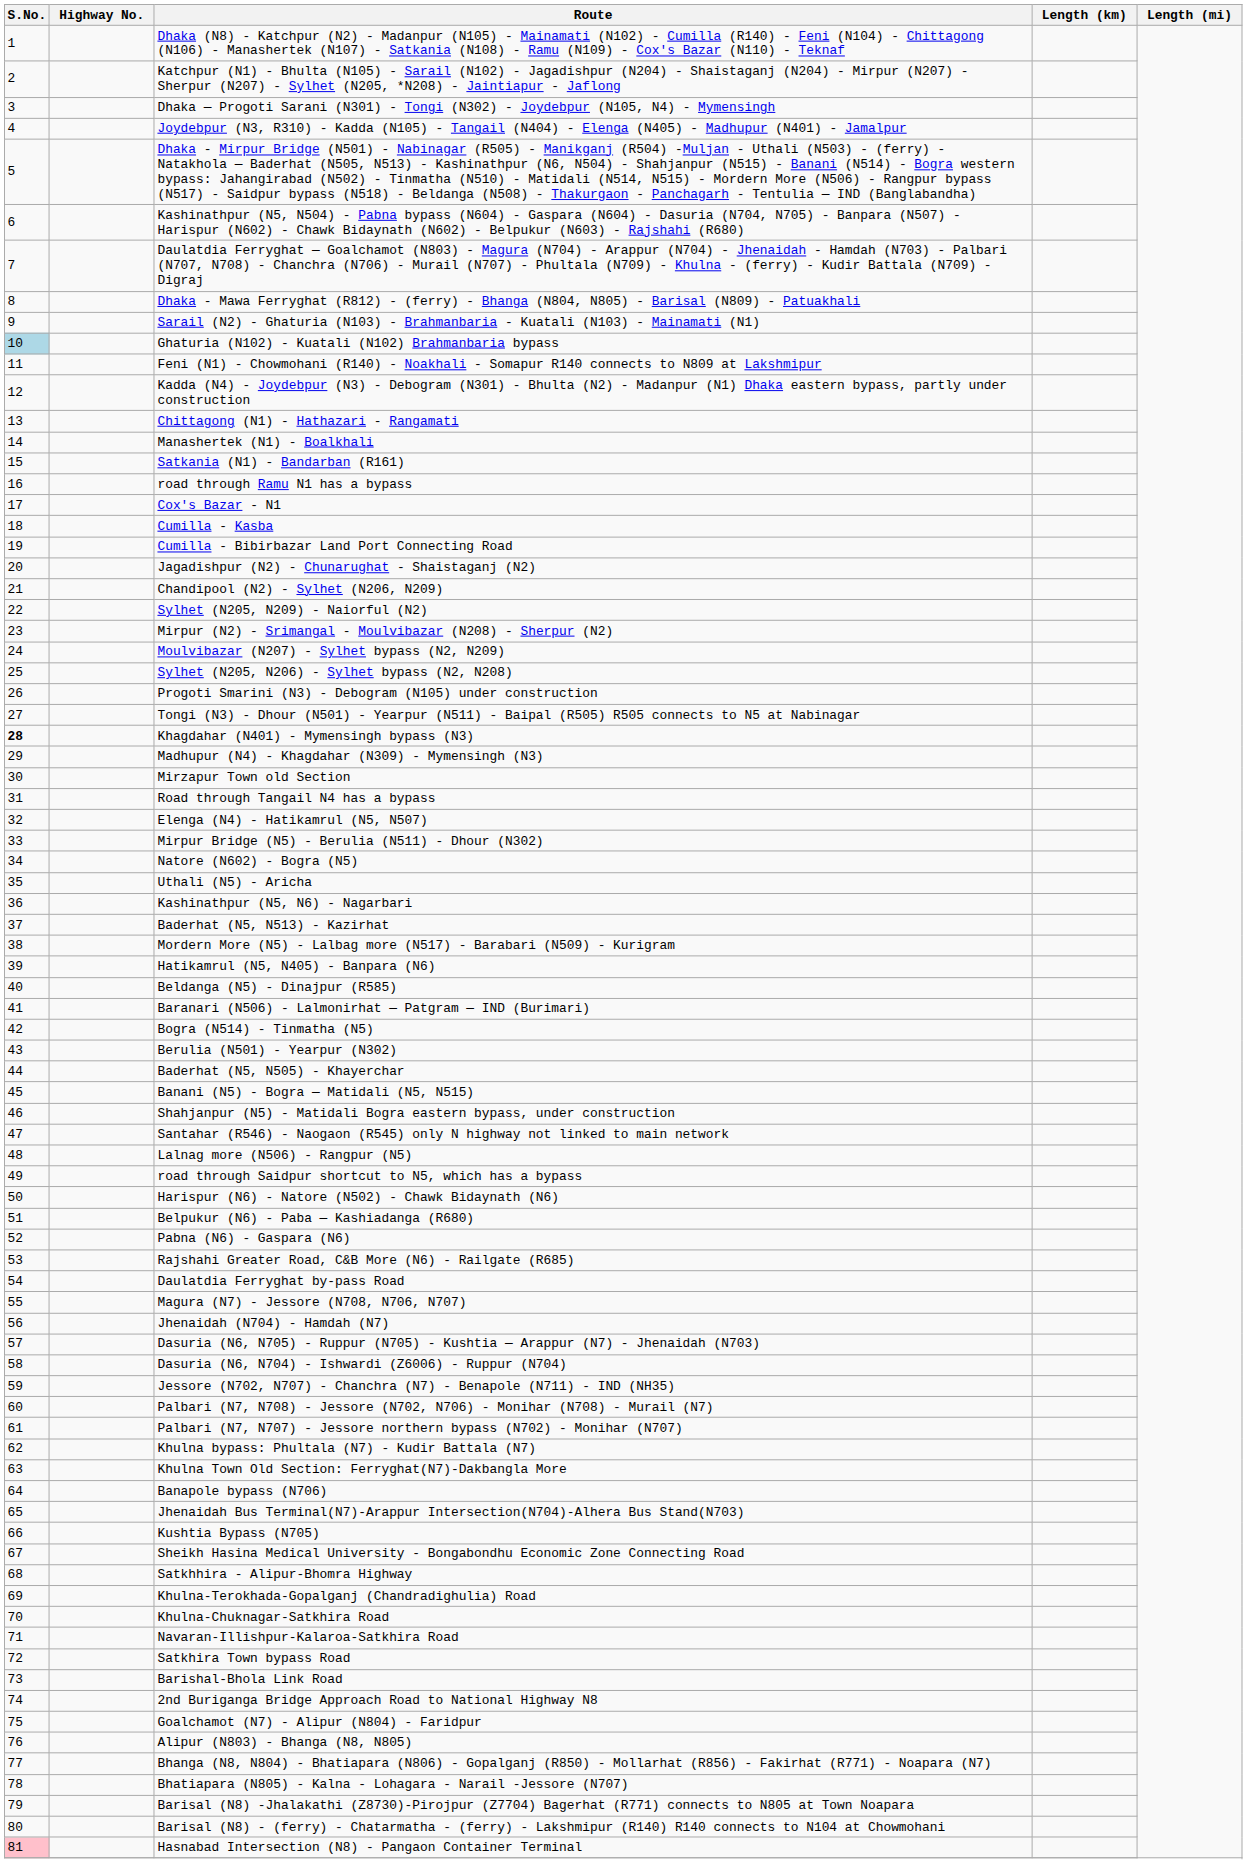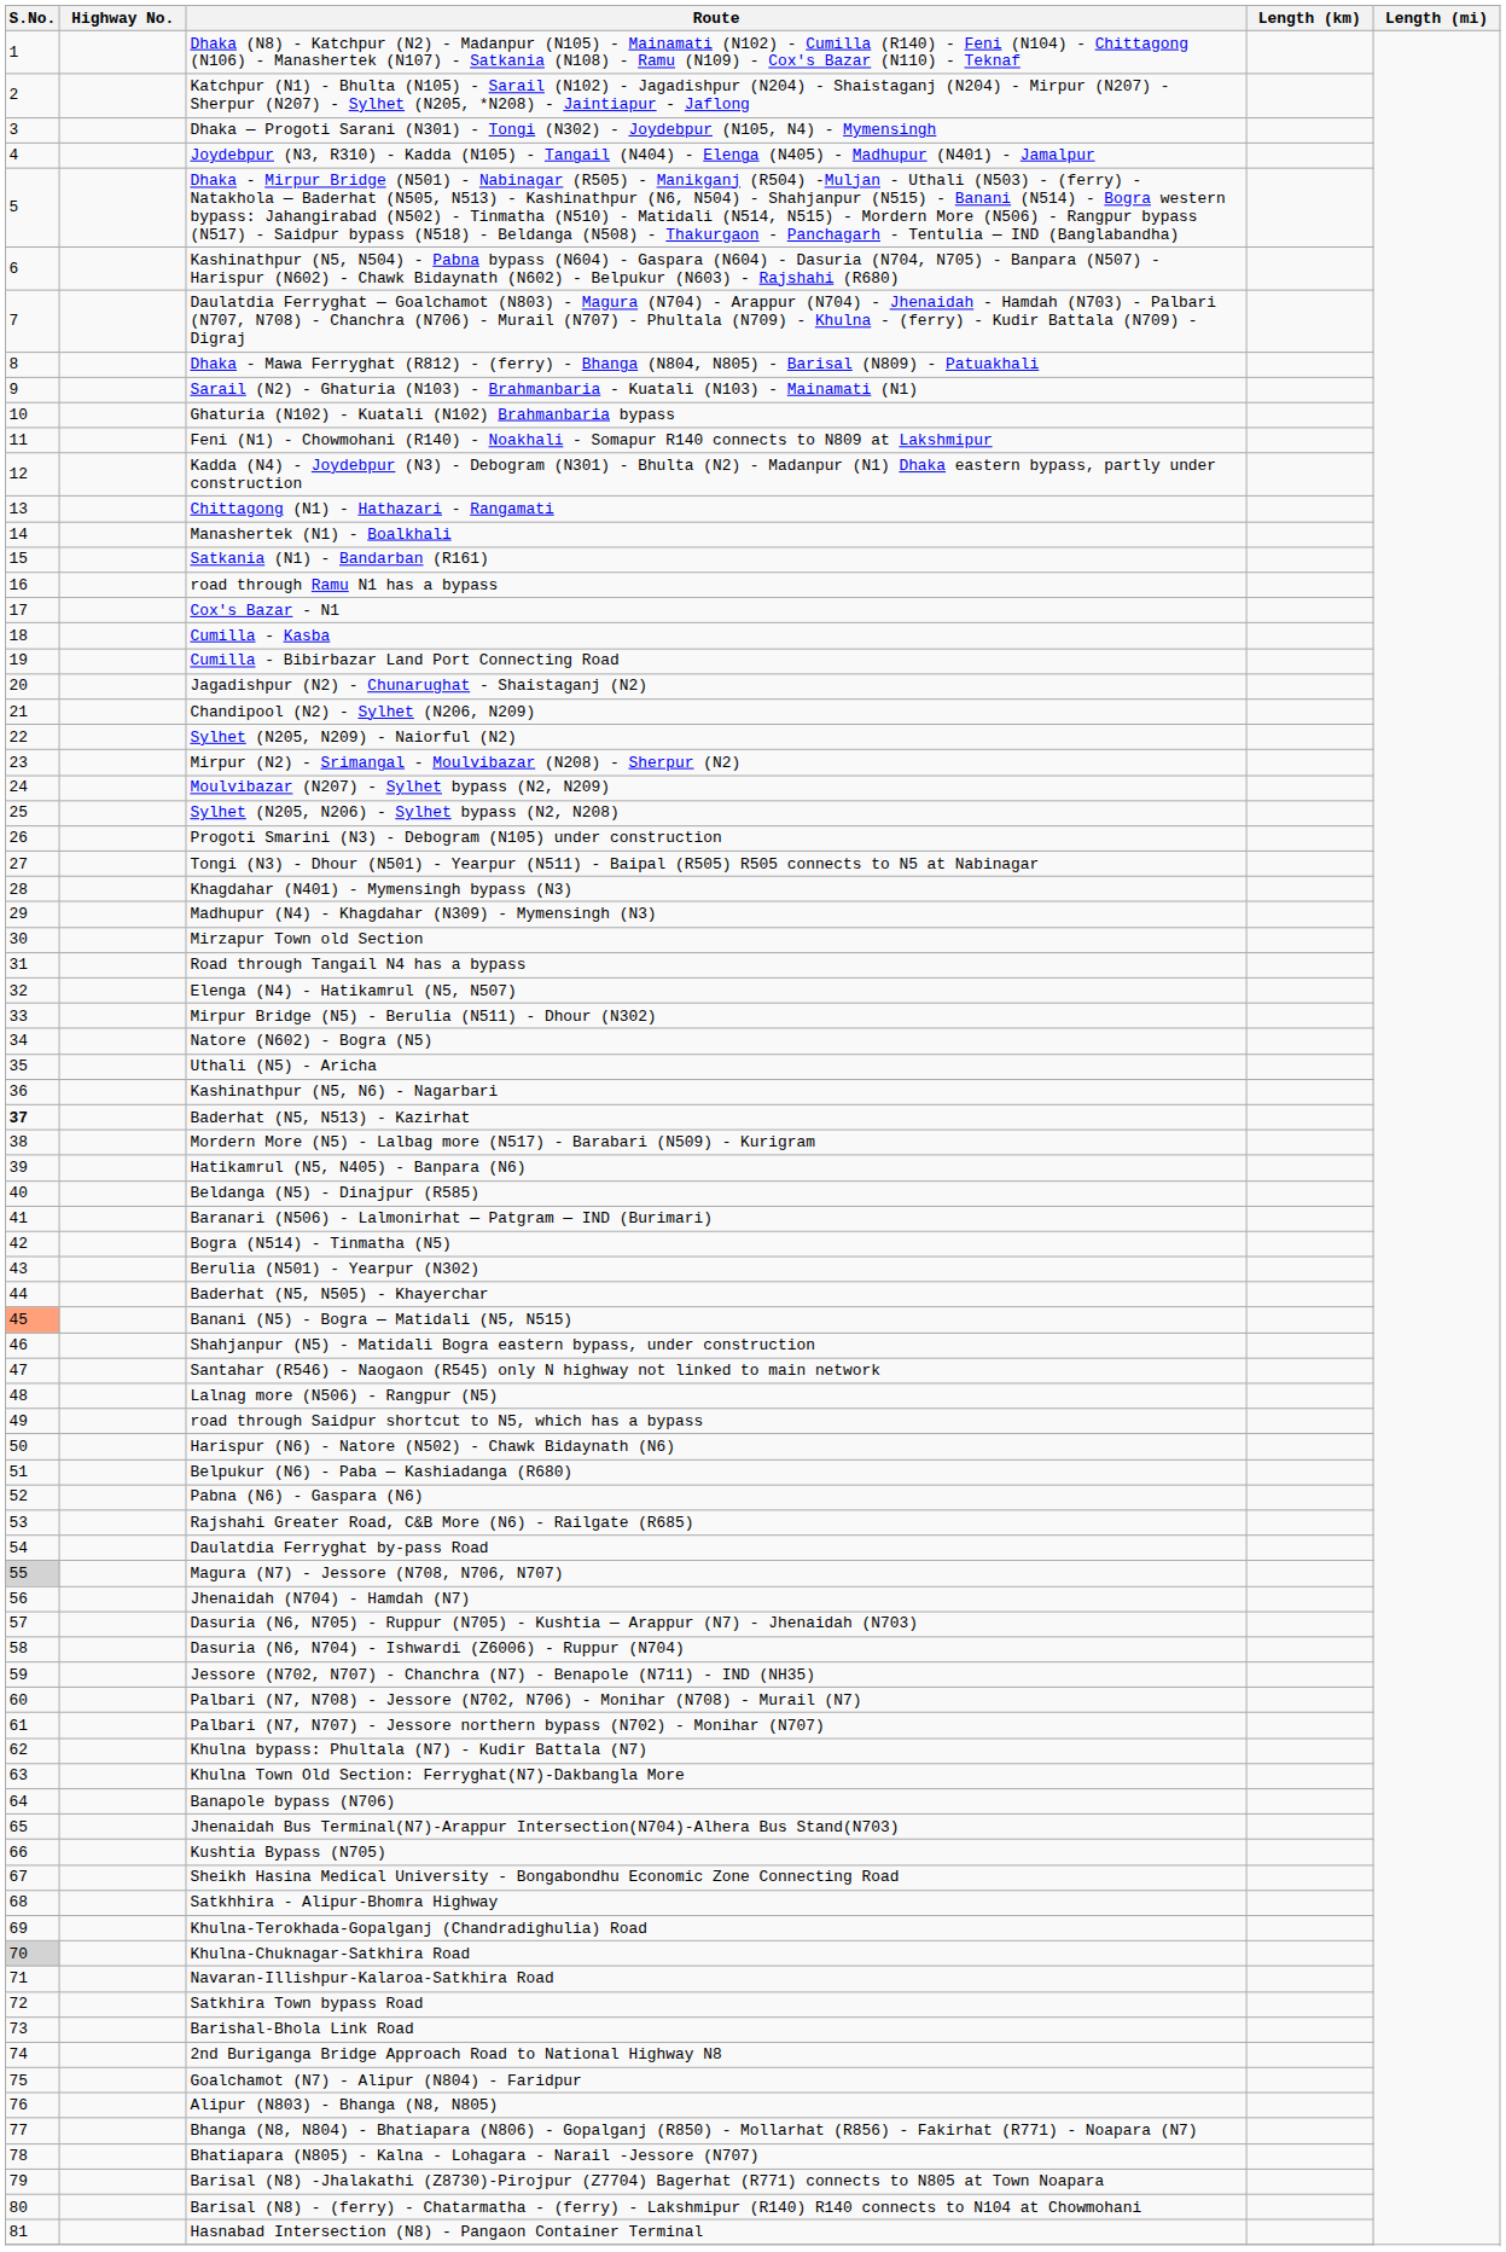 <table class="wikitable sortable">
 <tr>
 <th>S.No.</th>
 <th width=100px>Highway No.</th>
 <th>Route</th>
 <th width=100px>Length (km)</th>
 <th width=100px>Length (mi)</th>
 </tr>
 <tr>
 <td>1</td>
 <td></td>
 <td><a href='#'>Dhaka</a> (N8) - Katchpur (N2) - Madanpur (N105) - <a href='#'>Mainamati</a> (N102) - <a href='#'>Cumilla</a> (R140) - <a href='#'>Feni</a> (N104) - <a href='#'>Chittagong</a> (N106) - Manashertek (N107) - <a href='#'>Satkania</a> (N108) - <a href='#'>Ramu</a> (N109) - <a href='#'>Cox's Bazar</a> (N110) - <a href='#'>Teknaf</a></td>
 <td></td>
 </tr>
 <tr>
 <td>2</td>
 <td></td>
 <td>Katchpur (N1) - Bhulta (N105) - <a href='#'>Sarail</a> (N102) - Jagadishpur (N204) - Shaistaganj (N204) - Mirpur (N207) - Sherpur (N207) - <a href='#'>Sylhet</a> (N205, *N208) - <a href='#'>Jaintiapur</a> - <a href='#'>Jaflong</a></td>
 <td></td>
 </tr>
 <tr>
 <td>3</td>
 <td></td>
 <td>Dhaka — Progoti Sarani (N301) - <a href='#'>Tongi</a> (N302) - <a href='#'>Joydebpur</a> (N105, N4) - <a href='#'>Mymensingh</a></td>
 <td></td>
 </tr>
 <tr>
 <td>4</td>
 <td></td>
 <td><a href='#'>Joydebpur</a> (N3, R310) - Kadda (N105) - <a href='#'>Tangail</a> (N404) - <a href='#'>Elenga</a> (N405) - <a href='#'>Madhupur</a> (N401) - <a href='#'>Jamalpur</a></td>
 <td></td>
 </tr>
 <tr>
 <td>5</td>
 <td></td>
 <td><a href='#'>Dhaka</a> - <a href='#'>Mirpur Bridge</a> (N501) - <a href='#'>Nabinagar</a> (R505) - <a href='#'>Manikganj</a> (R504) -<a href='#'>Muljan</a> - Uthali (N503) - (ferry) - Natakhola — Baderhat (N505, N513) - Kashinathpur (N6, N504) - Shahjanpur (N515) - <a href='#'>Banani</a> (N514) - <a href='#'>Bogra</a> western bypass: Jahangirabad (N502) - Tinmatha (N510) - Matidali (N514, N515) - Mordern More (N506) - Rangpur bypass (N517) - Saidpur bypass (N518) - Beldanga (N508) - <a href='#'>Thakurgaon</a> - <a href='#'>Panchagarh</a> - Tentulia — IND (Banglabandha)</td>
 <td></td>
 </tr>
 <tr>
 <td>6</td>
 <td></td>
 <td>Kashinathpur (N5, N504) - <a href='#'>Pabna</a> bypass (N604) - Gaspara (N604) - Dasuria (N704, N705) - Banpara (N507) - Harispur (N602) - Chawk Bidaynath (N602) - Belpukur (N603) - <a href='#'>Rajshahi</a> (R680)</td>
 <td></td>
 </tr>
 <tr>
 <td>7</td>
 <td></td>
 <td>Daulatdia Ferryghat — Goalchamot (N803) - <a href='#'>Magura</a> (N704) - Arappur (N704) - <a href='#'>Jhenaidah</a> - Hamdah (N703) - Palbari (N707, N708) - Chanchra (N706) - Murail (N707) - Phultala (N709) - <a href='#'>Khulna</a> - (ferry) - Kudir Battala (N709) - Digraj</td>
 <td></td>
 </tr>
 <tr>
 <td>8</td>
 <td></td>
 <td><a href='#'>Dhaka</a> - Mawa Ferryghat (R812) - (ferry) - <a href='#'>Bhanga</a> (N804, N805) - <a href='#'>Barisal</a> (N809) - <a href='#'>Patuakhali</a></td>
 <td></td>
 </tr>
 <tr>
 <td>9</td>
 <td></td>
 <td><a href='#'>Sarail</a> (N2) - Ghaturia (N103) - <a href='#'>Brahmanbaria</a> - Kuatali (N103) - <a href='#'>Mainamati</a> (N1)</td>
 <td></td>
 </tr>
 <tr>
-<td style="background: lightblue;">10</td>
+<td>10</td>
 <td></td>
 <td>Ghaturia (N102) - Kuatali (N102) <a href='#'>Brahmanbaria</a> bypass</td>
 <td></td>
 </tr>
 <tr>
 <td>11</td>
 <td></td>
 <td>Feni (N1) - Chowmohani (R140) - <a href='#'>Noakhali</a> - Somapur R140 connects to N809 at <a href='#'>Lakshmipur</a></td>
 <td></td>
 </tr>
 <tr>
 <td>12</td>
 <td></td>
 <td>Kadda (N4) - <a href='#'>Joydebpur</a> (N3) - Debogram (N301) - Bhulta (N2) - Madanpur (N1) <a href='#'>Dhaka</a> eastern bypass, partly under construction</td>
 <td></td>
 </tr>
 <tr>
 <td>13</td>
 <td></td>
 <td><a href='#'>Chittagong</a> (N1) - <a href='#'>Hathazari</a> - <a href='#'>Rangamati</a></td>
 <td></td>
 </tr>
 <tr>
 <td>14</td>
 <td></td>
 <td>Manashertek (N1) - <a href='#'>Boalkhali</a></td>
 <td></td>
 </tr>
 <tr>
 <td>15</td>
 <td></td>
 <td><a href='#'>Satkania</a> (N1) - <a href='#'>Bandarban</a> (R161)</td>
 <td></td>
 </tr>
 <tr>
 <td>16</td>
 <td></td>
 <td>road through <a href='#'>Ramu</a> N1 has a bypass</td>
 <td></td>
 </tr>
 <tr>
 <td>17</td>
 <td></td>
 <td><a href='#'>Cox's Bazar</a> - N1</td>
 <td></td>
 </tr>
 <tr>
 <td>18</td>
 <td></td>
 <td><a href='#'>Cumilla</a> - <a href='#'>Kasba</a></td>
 <td></td>
 </tr>
 <tr>
 <td>19</td>
 <td></td>
 <td><a href='#'>Cumilla</a> - Bibirbazar Land Port Connecting Road</td>
 <td></td>
 </tr>
 <tr>
 <td>20</td>
 <td></td>
 <td>Jagadishpur (N2) - <a href='#'>Chunarughat</a> - Shaistaganj (N2)</td>
 <td></td>
 </tr>
 <tr>
 <td>21</td>
 <td></td>
 <td>Chandipool (N2) - <a href='#'>Sylhet</a> (N206, N209)</td>
 <td></td>
 </tr>
 <tr>
 <td>22</td>
 <td></td>
 <td><a href='#'>Sylhet</a> (N205, N209) - Naiorful (N2)</td>
 <td></td>
 </tr>
 <tr>
 <td>23</td>
 <td></td>
 <td>Mirpur (N2) - <a href='#'>Srimangal</a> - <a href='#'>Moulvibazar</a> (N208) - <a href='#'>Sherpur</a> (N2)</td>
 <td></td>
 </tr>
 <tr>
 <td>24</td>
 <td></td>
 <td><a href='#'>Moulvibazar</a> (N207) - <a href='#'>Sylhet</a> bypass (N2, N209)</td>
 <td></td>
 </tr>
 <tr>
 <td>25</td>
 <td></td>
 <td><a href='#'>Sylhet</a> (N205, N206) - <a href='#'>Sylhet</a> bypass (N2, N208)</td>
 <td></td>
 </tr>
 <tr>
 <td>26</td>
 <td></td>
 <td>Progoti Smarini (N3) - Debogram (N105) under construction</td>
 <td></td>
 </tr>
 <tr>
 <td>27</td>
 <td></td>
 <td>Tongi (N3) - Dhour (N501) - Yearpur (N511) - Baipal (R505) R505 connects to N5 at Nabinagar</td>
 <td></td>
 </tr>
 <tr>
-<td><strong>28</strong></td>
+<td>28</td>
 <td></td>
 <td>Khagdahar (N401) - Mymensingh bypass (N3)</td>
 <td></td>
 </tr>
 <tr>
 <td>29</td>
 <td></td>
 <td>Madhupur (N4) - Khagdahar (N309) - Mymensingh (N3)</td>
 <td></td>
 </tr>
 <tr>
 <td>30</td>
 <td></td>
 <td>Mirzapur Town old Section</td>
 <td></td>
 </tr>
 <tr>
 <td>31</td>
 <td></td>
 <td>Road through Tangail N4 has a bypass</td>
 <td></td>
 </tr>
 <tr>
 <td>32</td>
 <td></td>
 <td>Elenga (N4) - Hatikamrul (N5, N507)</td>
 <td></td>
 </tr>
 <tr>
 <td>33</td>
 <td></td>
 <td>Mirpur Bridge (N5) - Berulia (N511) - Dhour (N302)</td>
 <td></td>
 </tr>
 <tr>
 <td>34</td>
 <td></td>
 <td>Natore (N602) - Bogra (N5)</td>
 <td></td>
 </tr>
 <tr>
 <td>35</td>
 <td></td>
 <td>Uthali (N5) - Aricha</td>
 <td></td>
 </tr>
 <tr>
 <td>36</td>
 <td></td>
 <td>Kashinathpur (N5, N6) - Nagarbari</td>
 <td></td>
 </tr>
 <tr>
-<td>37</td>
+<td><strong>37</strong></td>
 <td></td>
 <td>Baderhat (N5, N513) - Kazirhat</td>
 <td></td>
 </tr>
 <tr>
 <td>38</td>
 <td></td>
 <td>Mordern More (N5) - Lalbag more (N517) - Barabari (N509) - Kurigram</td>
 <td></td>
 </tr>
 <tr>
 <td>39</td>
 <td></td>
 <td>Hatikamrul (N5, N405) - Banpara (N6)</td>
 <td></td>
 </tr>
 <tr>
 <td>40</td>
 <td></td>
 <td>Beldanga (N5) - Dinajpur (R585)</td>
 <td></td>
 </tr>
 <tr>
 <td>41</td>
 <td></td>
 <td>Baranari (N506) - Lalmonirhat — Patgram — IND (Burimari)</td>
 <td></td>
 </tr>
 <tr>
 <td>42</td>
 <td></td>
 <td>Bogra (N514) - Tinmatha (N5)</td>
 <td></td>
 </tr>
 <tr>
 <td>43</td>
 <td></td>
 <td>Berulia (N501) - Yearpur (N302)</td>
 <td></td>
 </tr>
 <tr>
 <td>44</td>
 <td></td>
 <td>Baderhat (N5, N505) - Khayerchar</td>
 <td></td>
 </tr>
 <tr>
-<td>45</td>
+<td style="background: lightsalmon;">45</td>
 <td></td>
 <td>Banani (N5) - Bogra — Matidali (N5, N515)</td>
 <td></td>
 </tr>
 <tr>
 <td>46</td>
 <td></td>
 <td>Shahjanpur (N5) - Matidali Bogra eastern bypass, under construction</td>
 <td></td>
 </tr>
 <tr>
 <td>47</td>
 <td></td>
 <td>Santahar (R546) - Naogaon (R545) only N highway not linked to main network</td>
 <td></td>
 </tr>
 <tr>
 <td>48</td>
 <td></td>
 <td>Lalnag more (N506) - Rangpur (N5)</td>
 <td></td>
 </tr>
 <tr>
 <td>49</td>
 <td></td>
 <td>road through Saidpur shortcut to N5, which has a bypass</td>
 <td></td>
 </tr>
 <tr>
 <td>50</td>
 <td></td>
 <td>Harispur (N6) - Natore (N502) - Chawk Bidaynath (N6)</td>
 <td></td>
 </tr>
 <tr>
 <td>51</td>
 <td></td>
 <td>Belpukur (N6) - Paba — Kashiadanga (R680)</td>
 <td></td>
 </tr>
 <tr>
 <td>52</td>
 <td></td>
 <td>Pabna (N6) - Gaspara (N6)</td>
 <td></td>
 </tr>
 <tr>
 <td>53</td>
 <td></td>
 <td>Rajshahi Greater Road, C&B More (N6) - Railgate (R685)</td>
 <td></td>
 </tr>
 <tr>
 <td>54</td>
 <td></td>
 <td>Daulatdia Ferryghat by-pass Road</td>
 <td></td>
 </tr>
 <tr>
-<td>55</td>
+<td style="background: lightgrey;">55</td>
 <td></td>
 <td>Magura (N7) - Jessore (N708, N706, N707)</td>
 <td></td>
 </tr>
 <tr>
 <td>56</td>
 <td></td>
 <td>Jhenaidah (N704) - Hamdah (N7)</td>
 <td></td>
 </tr>
 <tr>
 <td>57</td>
 <td></td>
 <td>Dasuria (N6, N705) - Ruppur (N705) - Kushtia — Arappur (N7) - Jhenaidah (N703)</td>
 <td></td>
 </tr>
 <tr>
 <td>58</td>
 <td></td>
 <td>Dasuria (N6, N704) - Ishwardi (Z6006) - Ruppur (N704)</td>
 <td></td>
 </tr>
 <tr>
 <td>59</td>
 <td></td>
 <td>Jessore (N702, N707) - Chanchra (N7) - Benapole (N711) - IND (NH35)</td>
 <td></td>
 </tr>
 <tr>
 <td>60</td>
 <td></td>
 <td>Palbari (N7, N708) - Jessore (N702, N706) - Monihar (N708) - Murail (N7)</td>
 <td></td>
 </tr>
 <tr>
 <td>61</td>
 <td></td>
 <td>Palbari (N7, N707) - Jessore northern bypass (N702) - Monihar (N707)</td>
 <td></td>
 </tr>
 <tr>
 <td>62</td>
 <td></td>
 <td>Khulna bypass: Phultala (N7) - Kudir Battala (N7)</td>
 <td></td>
 </tr>
 <tr>
 <td>63</td>
 <td></td>
 <td>Khulna Town Old Section: Ferryghat(N7)-Dakbangla More</td>
 <td></td>
 </tr>
 <tr>
 <td>64</td>
 <td></td>
 <td>Banapole bypass (N706)</td>
 <td></td>
 </tr>
 <tr>
 <td>65</td>
 <td></td>
 <td>Jhenaidah Bus Terminal(N7)-Arappur Intersection(N704)-Alhera Bus Stand(N703)</td>
 <td></td>
 </tr>
 <tr>
 <td>66</td>
 <td></td>
 <td>Kushtia Bypass (N705)</td>
 <td></td>
 </tr>
 <tr>
 <td>67</td>
 <td></td>
 <td>Sheikh Hasina Medical University - Bongabondhu Economic Zone Connecting Road</td>
 <td></td>
 </tr>
 <tr>
 <td>68</td>
 <td></td>
 <td>Satkhhira - Alipur-Bhomra Highway</td>
 <td></td>
 </tr>
 <tr>
 <td>69</td>
 <td></td>
 <td>Khulna-Terokhada-Gopalganj (Chandradighulia) Road</td>
 <td></td>
 </tr>
 <tr>
-<td>70</td>
+<td style="background: lightgrey;">70</td>
 <td></td>
 <td>Khulna-Chuknagar-Satkhira Road</td>
 <td></td>
 </tr>
 <tr>
 <td>71</td>
 <td></td>
 <td>Navaran-Illishpur-Kalaroa-Satkhira Road</td>
 <td></td>
 </tr>
 <tr>
 <td>72</td>
 <td></td>
 <td>Satkhira Town bypass Road</td>
 <td></td>
 </tr>
 <tr>
 <td>73</td>
 <td></td>
 <td>Barishal-Bhola Link Road</td>
 <td></td>
 </tr>
 <tr>
 <td>74</td>
 <td></td>
 <td>2nd Buriganga Bridge Approach Road to National Highway N8</td>
 <td></td>
 </tr>
 <tr>
 <td>75</td>
 <td></td>
 <td>Goalchamot (N7) - Alipur (N804) - Faridpur</td>
 <td></td>
 </tr>
 <tr>
 <td>76</td>
 <td></td>
 <td>Alipur (N803) - Bhanga (N8, N805)</td>
 <td></td>
 </tr>
 <tr>
 <td>77</td>
 <td></td>
 <td>Bhanga (N8, N804) - Bhatiapara (N806) - Gopalganj (R850) - Mollarhat (R856) - Fakirhat (R771) - Noapara (N7)</td>
 <td></td>
 </tr>
 <tr>
 <td>78</td>
 <td></td>
 <td>Bhatiapara (N805) - Kalna - Lohagara - Narail -Jessore (N707)</td>
 <td></td>
 </tr>
 <tr>
 <td>79</td>
 <td></td>
 <td>Barisal (N8) -Jhalakathi (Z8730)-Pirojpur (Z7704) Bagerhat (R771) connects to N805 at  Town Noapara</td>
 <td></td>
 </tr>
 <tr>
 <td>80</td>
 <td></td>
 <td>Barisal (N8) - (ferry) - Chatarmatha - (ferry) - Lakshmipur (R140) R140 connects to N104 at Chowmohani</td>
 <td></td>
 </tr>
 <tr>
-<td style="background: pink;">81</td>
+<td>81</td>
 <td></td>
 <td>Hasnabad Intersection (N8) - Pangaon Container Terminal</td>
 <td></td>
 </tr>
 <tr>
 </tr>
 </table>
